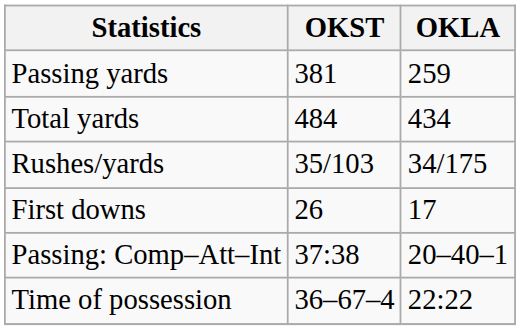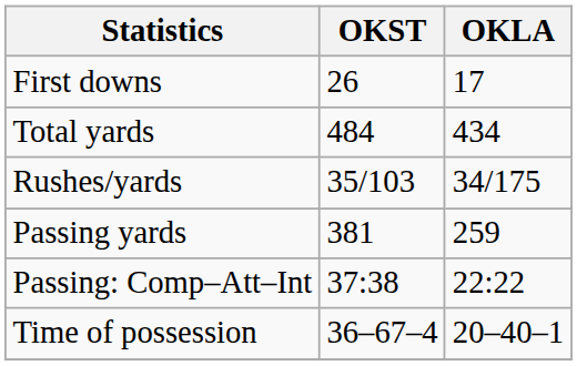 <table class="wikitable" style="float: left;">
 <tr>
 <th>Statistics</th>
 <th>OKST</th>
 <th>OKLA</th>
 </tr>
 <tr>
-<td>Passing yards</td>
-<td>381</td>
-<td>259</td>
+<td>First downs</td>
+<td>26</td>
+<td>17</td>
 </tr>
 <tr>
 <td>Total yards</td>
 <td>484</td>
 <td>434</td>
 </tr>
 <tr>
 <td>Rushes/yards</td>
 <td>35/103</td>
 <td>34/175</td>
 </tr>
 <tr>
-<td>First downs</td>
-<td>26</td>
-<td>17</td>
+<td>Passing yards</td>
+<td>381</td>
+<td>259</td>
 </tr>
 <tr>
 <td>Passing: Comp–Att–Int</td>
 <td>37:38</td>
-<td>20–40–1</td>
+<td>22:22</td>
 </tr>
 <tr>
 <td>Time of possession</td>
 <td>36–67–4</td>
-<td>22:22</td>
+<td>20–40–1</td>
 </tr>
 <tr>
 </tr>
 </table>
